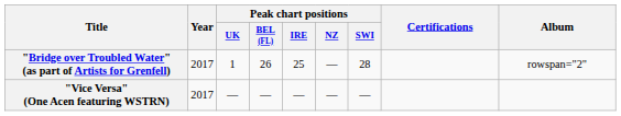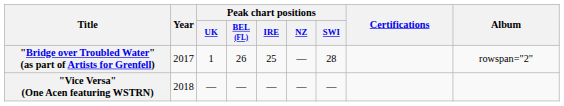 <table class="wikitable plainrowheaders" style="text-align:center;">
 <tr>
 <th scope="col" rowspan="2" style="width:16em;">Title</th>
 <th scope="col" rowspan="2">Year</th>
 <th scope="col" colspan="5">Peak chart positions</th>
 <th scope="col" rowspan="2" style="width:10em;"><a href='#'>Certifications</a></th>
 <th scope="col" rowspan="2" style="width:10em;">Album</th>
 </tr>
 <tr>
 <th scope="col" style="width:3em;font-size:85%;"><a href='#'>UK</a></th>
 <th scope="col" style="width:3em;font-size:85%;"><a href='#'>BEL<br><small>(FL)</small></a></th>
 <th scope="col" style="width:3em;font-size:85%;"><a href='#'>IRE</a></th>
 <th scope="col" style="width:3em;font-size:85%;"><a href='#'>NZ</a></th>
 <th scope="col" style="width:3em;font-size:85%;"><a href='#'>SWI</a></th>
 </tr>
 <tr>
 <th scope="row">"<a href='#'>Bridge over Troubled Water</a>"<br><span>(as part of <a href='#'>Artists for Grenfell</a>)</span></th>
 <td>2017</td>
 <td>1</td>
 <td>26</td>
 <td>25</td>
 <td>—</td>
 <td>28</td>
 <td></td>
 <td>rowspan="2" </td>
 </tr>
 <tr>
 <th scope="row">"Vice Versa"<br><span>(One Acen featuring WSTRN)</span></th>
-<td>2017</td>
+<td>2018</td>
 <td>—</td>
 <td>—</td>
 <td>—</td>
 <td>—</td>
 <td>—</td>
 <td></td>
 </tr>
 </table>
